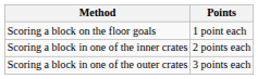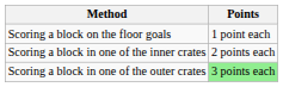 <table class="wikitable">
 <tr>
 <th>Method</th>
 <th>Points</th>
 </tr>
 <tr>
 <td>Scoring a block on the floor goals</td>
 <td>1 point each</td>
 </tr>
 <tr>
 <td>Scoring a block in one of the inner crates</td>
 <td>2 points each</td>
 </tr>
 <tr>
 <td>Scoring a block in one of the outer crates</td>
-<td>3 points each</td>
+<td style="background: lightgreen;">3 points each</td>
 </tr>
 </table>
